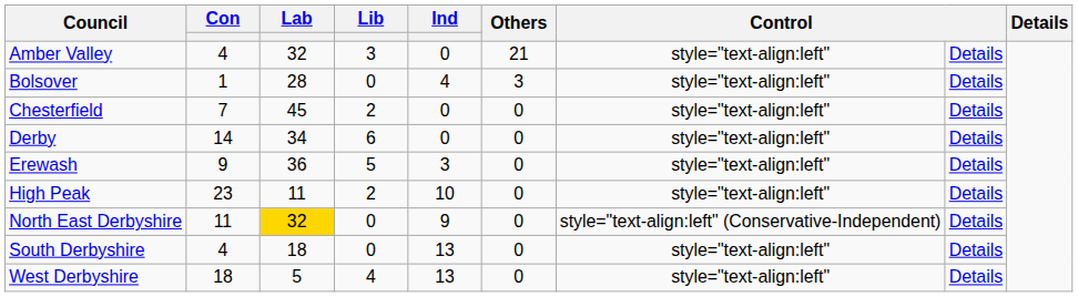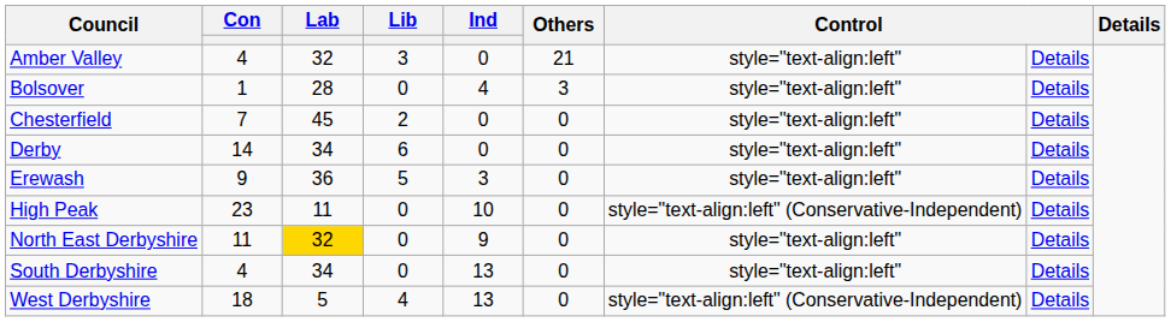 <table class="wikitable" style="text-align:center;">
 <tr>
 <th rowspan=2>Council</th>
 <th style="width:60px;"><a href='#'>Con</a></th>
 <th style="width:60px;"><a href='#'>Lab</a></th>
 <th style="width:60px;"><a href='#'>Lib</a></th>
 <th style="width:60px;"><a href='#'>Ind</a></th>
 <th style="width:60px;" rowspan=2>Others</th>
 <th rowspan=2 colspan=2>Control</th>
 <th rowspan=2>Details</th>
 </tr>
 <tr>
 <th style="background:"></th>
 <th style="background:"></th>
 <th style="background:"></th>
 <th style="background:"></th>
 </tr>
 <tr>
 <td style="text-align:left"><a href='#'>Amber Valley</a></td>
 <td>4</td>
 <td>32</td>
 <td>3</td>
 <td>0</td>
 <td>21</td>
 <td>style="text-align:left" </td>
 <td style="text-align:left"><a href='#'>Details</a></td>
 </tr>
 <tr>
 <td style="text-align:left"><a href='#'>Bolsover</a></td>
 <td>1</td>
 <td>28</td>
 <td>0</td>
 <td>4</td>
 <td>3</td>
 <td>style="text-align:left" </td>
 <td style="text-align:left"><a href='#'>Details</a></td>
 </tr>
 <tr>
 <td style="text-align:left"><a href='#'>Chesterfield</a></td>
 <td>7</td>
 <td>45</td>
 <td>2</td>
 <td>0</td>
 <td>0</td>
 <td>style="text-align:left" </td>
 <td style="text-align:left"><a href='#'>Details</a></td>
 </tr>
 <tr>
 <td style="text-align:left"><a href='#'>Derby</a></td>
 <td>14</td>
 <td>34</td>
 <td>6</td>
 <td>0</td>
 <td>0</td>
 <td>style="text-align:left" </td>
 <td style="text-align:left"><a href='#'>Details</a></td>
 </tr>
 <tr>
 <td style="text-align:left"><a href='#'>Erewash</a></td>
 <td>9</td>
 <td>36</td>
 <td>5</td>
 <td>3</td>
 <td>0</td>
 <td>style="text-align:left" </td>
 <td style="text-align:left"><a href='#'>Details</a></td>
 </tr>
 <tr>
 <td style="text-align:left"><a href='#'>High Peak</a></td>
 <td>23</td>
 <td>11</td>
-<td>2</td>
+<td>0</td>
 <td>10</td>
 <td>0</td>
-<td>style="text-align:left" </td>
+<td>style="text-align:left"  (Conservative-Independent)</td>
 <td style="text-align:left"><a href='#'>Details</a></td>
 </tr>
 <tr>
 <td style="text-align:left"><a href='#'>North East Derbyshire</a></td>
 <td>11</td>
 <td style="background: gold;">32</td>
 <td>0</td>
 <td>9</td>
 <td>0</td>
-<td>style="text-align:left"  (Conservative-Independent)</td>
+<td>style="text-align:left" </td>
 <td style="text-align:left"><a href='#'>Details</a></td>
 </tr>
 <tr>
 <td style="text-align:left"><a href='#'>South Derbyshire</a></td>
 <td>4</td>
-<td>18</td>
+<td>34</td>
 <td>0</td>
 <td>13</td>
 <td>0</td>
 <td>style="text-align:left" </td>
 <td style="text-align:left"><a href='#'>Details</a></td>
 </tr>
 <tr>
 <td style="text-align:left"><a href='#'>West Derbyshire</a></td>
 <td>18</td>
 <td>5</td>
 <td>4</td>
 <td>13</td>
 <td>0</td>
-<td>style="text-align:left" </td>
+<td>style="text-align:left"  (Conservative-Independent)</td>
 <td style="text-align:left"><a href='#'>Details</a></td>
 </tr>
 </table>
